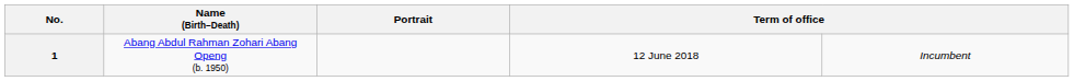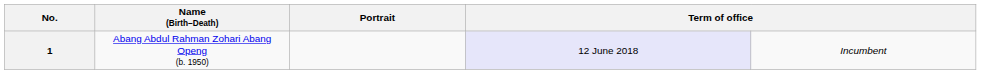 <table class="wikitable" style="text-align:center">
 <tr>
 <th>No.</th>
 <th style="width:20%;">Name<br><small>(Birth–Death)</small></th>
 <th>Portrait</th>
 <th colspan="2">Term of office</th>
 </tr>
 <tr>
 <th style="background: ">1</th>
 <td><a href='#'>Abang Abdul Rahman Zohari Abang Openg</a><br><small>(b. 1950)</small></td>
 <td></td>
-<td>12 June 2018</td>
+<td style="background: lavender;">12 June 2018</td>
 <td><em>Incumbent</em></td>
 </tr>
 </table>
